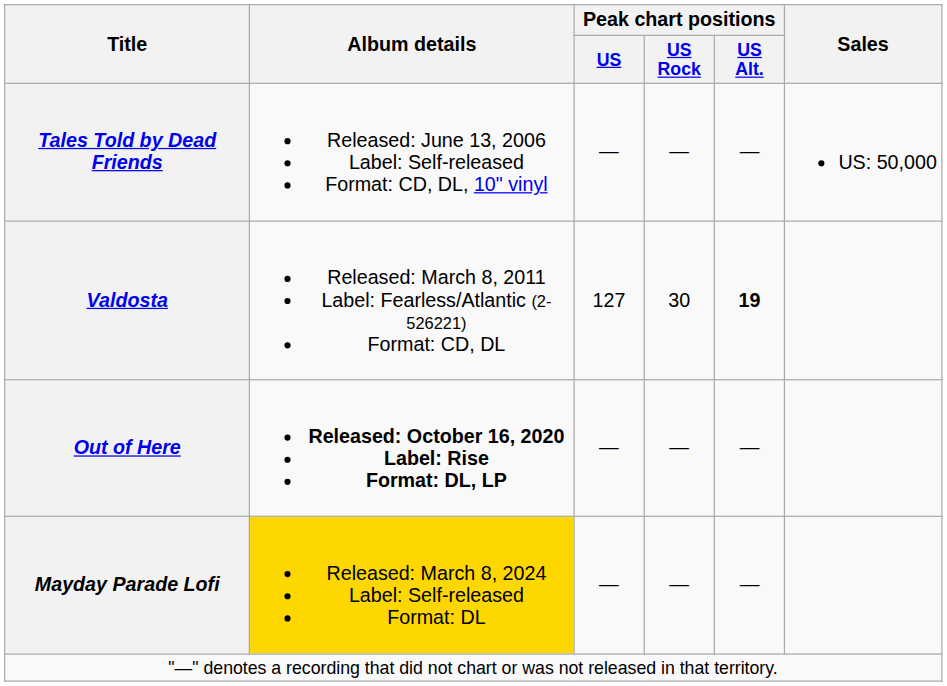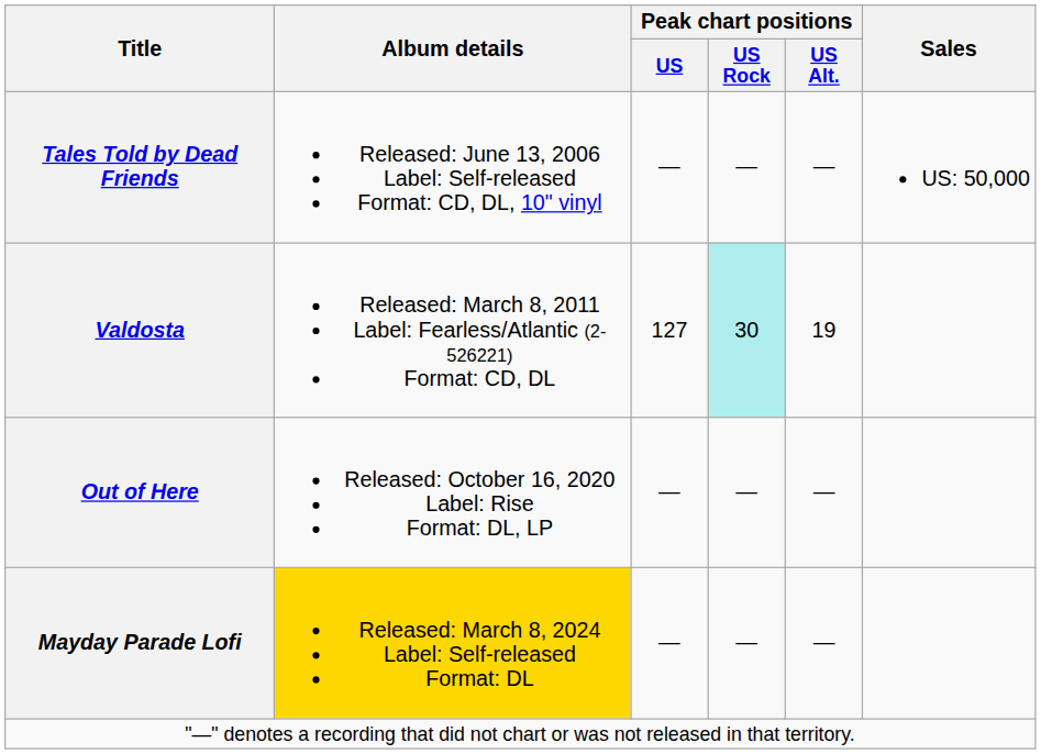 <table class="wikitable plainrowheaders" style="text-align:center;">
 <tr>
 <th scope="col" rowspan="2" style="width:12em;">Title</th>
 <th scope="col" rowspan="2" style="width:16em;">Album details</th>
 <th colspan="3">Peak chart positions</th>
 <th rowspan="2">Sales</th>
 </tr>
 <tr>
 <th scope="col" style="width:3.5em;font-size:90%;"><a href='#'>US</a><br></th>
 <th scope="col" style="width:3.5em;font-size:90%;"><a href='#'>US<br>Rock</a><br></th>
 <th scope="col" style="width:3.5em;font-size:90%;"><a href='#'>US<br>Alt.</a><br></th>
 </tr>
 <tr>
 <th scope="row"><em><a href='#'>Tales Told by Dead Friends</a></em></th>
 <td><br><ul><li>Released: June 13, 2006</li><li>Label: Self-released</li><li>Format: CD, DL, <a href='#'>10" vinyl</a></li></ul></td>
 <td>—</td>
 <td>—</td>
 <td>—</td>
 <td><br><ul><li>US: 50,000</li></ul></td>
 </tr>
 <tr>
 <th scope="row"><em><a href='#'>Valdosta</a></em></th>
 <td><br><ul><li>Released: March 8, 2011</li><li>Label: Fearless/Atlantic <small>(2-526221)</small></li><li>Format: CD, DL</li></ul></td>
 <td>127</td>
-<td>30</td>
-<td><strong>19</strong></td>
+<td style="background: paleturquoise;">30</td>
+<td>19</td>
 <td></td>
 </tr>
 <tr>
 <th scope="row"><em><a href='#'>Out of Here</a></em></th>
-<td><strong><br><ul><li>Released: October 16, 2020</li><li>Label: Rise</li><li>Format: DL, LP</li></ul></strong></td>
+<td><br><ul><li>Released: October 16, 2020</li><li>Label: Rise</li><li>Format: DL, LP</li></ul></td>
 <td>—</td>
 <td>—</td>
 <td>—</td>
 <td></td>
 </tr>
 <tr>
 <th scope="row"><em>Mayday Parade Lofi</em></th>
 <td style="background: gold;"><br><ul><li>Released: March 8, 2024</li><li>Label: Self-released</li><li>Format: DL</li></ul></td>
 <td>—</td>
 <td>—</td>
 <td>—</td>
 <td></td>
 </tr>
 <tr>
 <td colspan="8" style="font-size:90%">"—" denotes a recording that did not chart or was not released in that territory.</td>
 </tr>
 </table>
